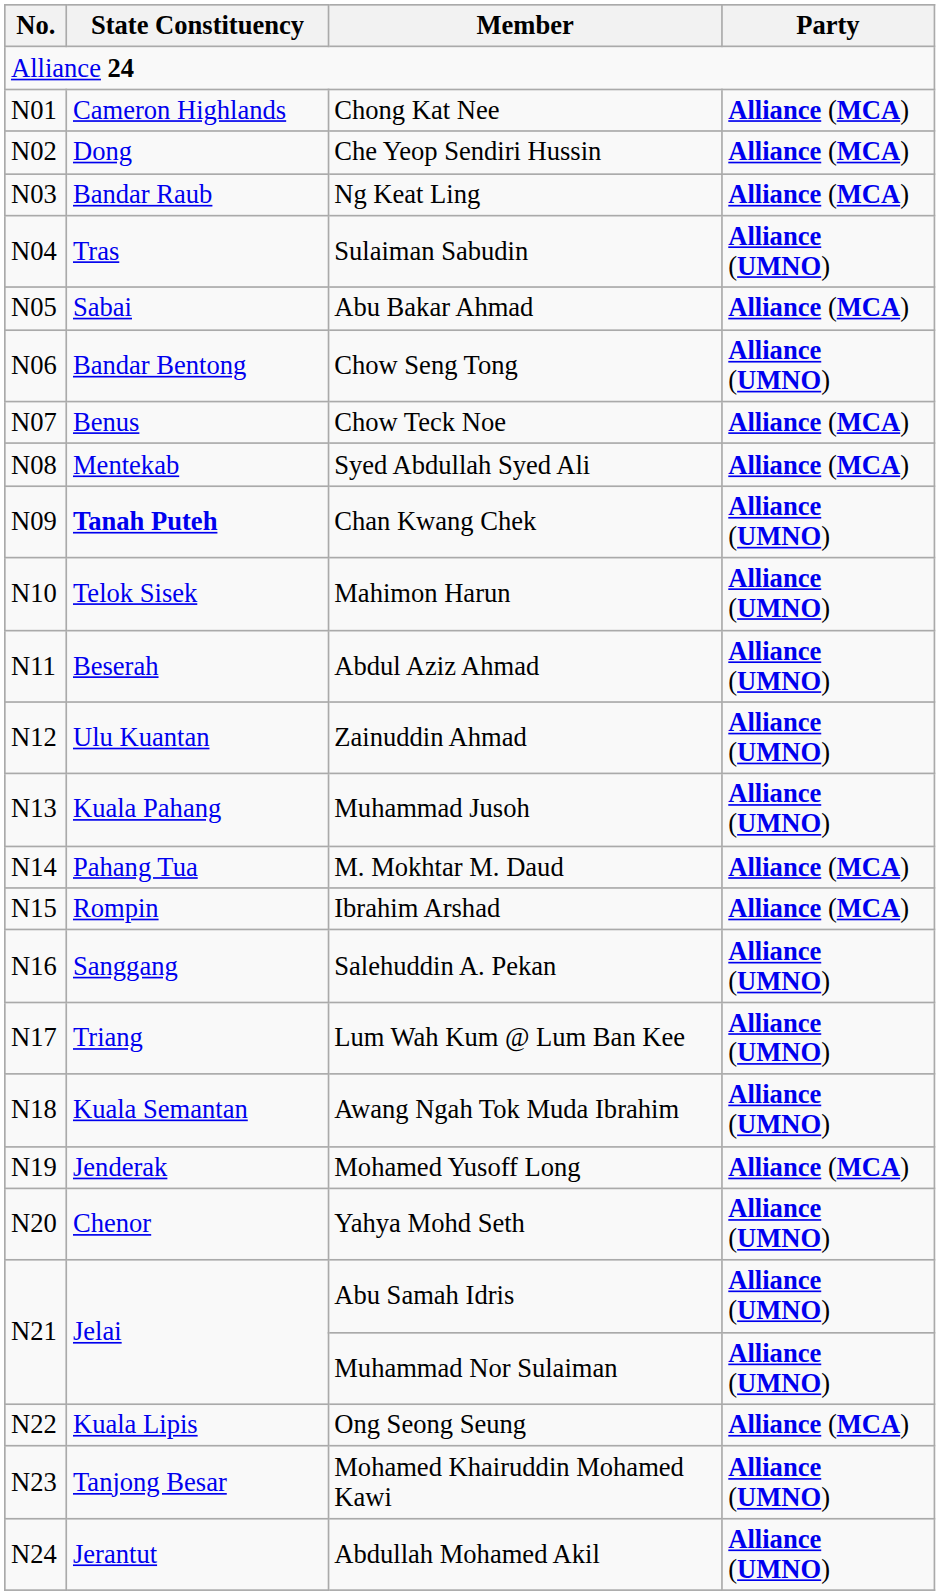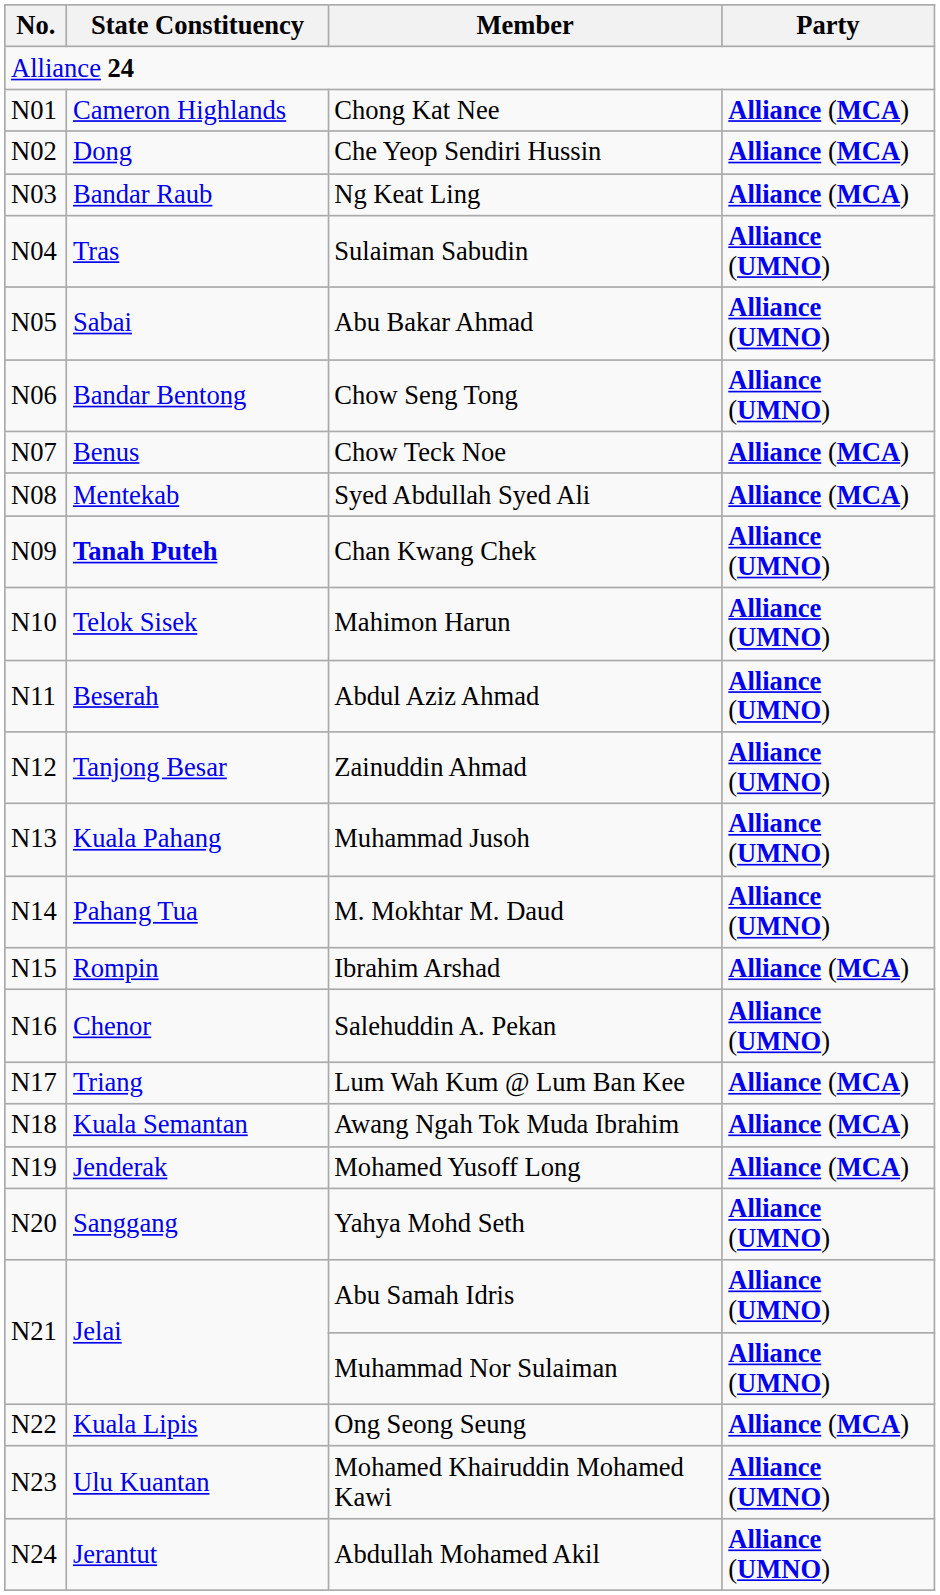 <table class="wikitable sortable">
 <tr>
 <th style="width:30px;">No.</th>
 <th style="width:150px;">State Constituency</th>
 <th style="width:230px;">Member</th>
 <th style="width:120px;">Party</th>
 </tr>
 <tr>
 <td colspan="4"><a href='#'>Alliance</a> <strong>24</strong></td>
 </tr>
 <tr>
 <td>N01</td>
 <td><a href='#'>Cameron Highlands</a></td>
 <td>Chong Kat Nee</td>
 <td><strong><a href='#'>Alliance</a></strong> (<strong><a href='#'>MCA</a></strong>)</td>
 </tr>
 <tr>
 <td>N02</td>
 <td><a href='#'>Dong</a></td>
 <td>Che Yeop Sendiri Hussin</td>
 <td><strong><a href='#'>Alliance</a></strong> (<strong><a href='#'>MCA</a></strong>)</td>
 </tr>
 <tr>
 <td>N03</td>
 <td><a href='#'>Bandar Raub</a></td>
 <td>Ng Keat Ling</td>
 <td><strong><a href='#'>Alliance</a></strong> (<strong><a href='#'>MCA</a></strong>)</td>
 </tr>
 <tr>
 <td>N04</td>
 <td><a href='#'>Tras</a></td>
 <td>Sulaiman Sabudin</td>
 <td><strong><a href='#'>Alliance</a></strong> (<strong><a href='#'>UMNO</a></strong>)</td>
 </tr>
 <tr>
 <td>N05</td>
 <td><a href='#'>Sabai</a></td>
 <td>Abu Bakar Ahmad</td>
-<td><strong><a href='#'>Alliance</a></strong> (<strong><a href='#'>MCA</a></strong>)</td>
+<td><strong><a href='#'>Alliance</a></strong> (<strong><a href='#'>UMNO</a></strong>)</td>
 </tr>
 <tr>
 <td>N06</td>
 <td><a href='#'>Bandar Bentong</a></td>
 <td>Chow Seng Tong</td>
 <td><strong><a href='#'>Alliance</a></strong> (<strong><a href='#'>UMNO</a></strong>)</td>
 </tr>
 <tr>
 <td>N07</td>
 <td><a href='#'>Benus</a></td>
 <td>Chow Teck Noe</td>
 <td><strong><a href='#'>Alliance</a></strong> (<strong><a href='#'>MCA</a></strong>)</td>
 </tr>
 <tr>
 <td>N08</td>
 <td><a href='#'>Mentekab</a></td>
 <td>Syed Abdullah Syed Ali</td>
 <td><strong><a href='#'>Alliance</a></strong> (<strong><a href='#'>MCA</a></strong>)</td>
 </tr>
 <tr>
 <td>N09</td>
 <td><strong><a href='#'>Tanah Puteh</a></strong></td>
 <td>Chan Kwang Chek</td>
 <td><strong><a href='#'>Alliance</a></strong> (<strong><a href='#'>UMNO</a></strong>)</td>
 </tr>
 <tr>
 <td>N10</td>
 <td><a href='#'>Telok Sisek</a></td>
 <td>Mahimon Harun</td>
 <td><strong><a href='#'>Alliance</a></strong> (<strong><a href='#'>UMNO</a></strong>)</td>
 </tr>
 <tr>
 <td>N11</td>
 <td><a href='#'>Beserah</a></td>
 <td>Abdul Aziz Ahmad</td>
 <td><strong><a href='#'>Alliance</a></strong> (<strong><a href='#'>UMNO</a></strong>)</td>
 </tr>
 <tr>
 <td>N12</td>
-<td><a href='#'>Ulu Kuantan</a></td>
+<td><a href='#'>Tanjong Besar</a></td>
 <td>Zainuddin Ahmad</td>
 <td><strong><a href='#'>Alliance</a></strong> (<strong><a href='#'>UMNO</a></strong>)</td>
 </tr>
 <tr>
 <td>N13</td>
 <td><a href='#'>Kuala Pahang</a></td>
 <td>Muhammad Jusoh</td>
 <td><strong><a href='#'>Alliance</a></strong> (<strong><a href='#'>UMNO</a></strong>)</td>
 </tr>
 <tr>
 <td>N14</td>
 <td><a href='#'>Pahang Tua</a></td>
 <td>M. Mokhtar M. Daud</td>
-<td><strong><a href='#'>Alliance</a></strong> (<strong><a href='#'>MCA</a></strong>)</td>
+<td><strong><a href='#'>Alliance</a></strong> (<strong><a href='#'>UMNO</a></strong>)</td>
 </tr>
 <tr>
 <td>N15</td>
 <td><a href='#'>Rompin</a></td>
 <td>Ibrahim Arshad</td>
 <td><strong><a href='#'>Alliance</a></strong> (<strong><a href='#'>MCA</a></strong>)</td>
 </tr>
 <tr>
 <td>N16</td>
-<td><a href='#'>Sanggang</a></td>
+<td><a href='#'>Chenor</a></td>
 <td>Salehuddin A. Pekan</td>
 <td><strong><a href='#'>Alliance</a></strong> (<strong><a href='#'>UMNO</a></strong>)</td>
 </tr>
 <tr>
 <td>N17</td>
 <td><a href='#'>Triang</a></td>
 <td>Lum Wah Kum @ Lum Ban Kee</td>
-<td><strong><a href='#'>Alliance</a></strong> (<strong><a href='#'>UMNO</a></strong>)</td>
+<td><strong><a href='#'>Alliance</a></strong> (<strong><a href='#'>MCA</a></strong>)</td>
 </tr>
 <tr>
 <td>N18</td>
 <td><a href='#'>Kuala Semantan</a></td>
 <td>Awang Ngah Tok Muda Ibrahim</td>
-<td><strong><a href='#'>Alliance</a></strong> (<strong><a href='#'>UMNO</a></strong>)</td>
+<td><strong><a href='#'>Alliance</a></strong> (<strong><a href='#'>MCA</a></strong>)</td>
 </tr>
 <tr>
 <td>N19</td>
 <td><a href='#'>Jenderak</a></td>
 <td>Mohamed Yusoff Long</td>
 <td><strong><a href='#'>Alliance</a></strong> (<strong><a href='#'>MCA</a></strong>)</td>
 </tr>
 <tr>
 <td>N20</td>
-<td><a href='#'>Chenor</a></td>
+<td><a href='#'>Sanggang</a></td>
 <td>Yahya Mohd Seth</td>
 <td><strong><a href='#'>Alliance</a></strong> (<strong><a href='#'>UMNO</a></strong>)</td>
 </tr>
 <tr>
 <td rowspan=2>N21</td>
 <td rowspan=2><a href='#'>Jelai</a></td>
 <td>Abu Samah Idris </td>
 <td><strong><a href='#'>Alliance</a></strong> (<strong><a href='#'>UMNO</a></strong>)</td>
 </tr>
 <tr>
 <td>Muhammad Nor Sulaiman </td>
 <td><strong><a href='#'>Alliance</a></strong> (<strong><a href='#'>UMNO</a></strong>)</td>
 </tr>
 <tr>
 <td>N22</td>
 <td><a href='#'>Kuala Lipis</a></td>
 <td>Ong Seong Seung</td>
 <td><strong><a href='#'>Alliance</a></strong> (<strong><a href='#'>MCA</a></strong>)</td>
 </tr>
 <tr>
 <td>N23</td>
-<td><a href='#'>Tanjong Besar</a></td>
+<td><a href='#'>Ulu Kuantan</a></td>
 <td>Mohamed Khairuddin Mohamed Kawi</td>
 <td><strong><a href='#'>Alliance</a></strong> (<strong><a href='#'>UMNO</a></strong>)</td>
 </tr>
 <tr>
 <td>N24</td>
 <td><a href='#'>Jerantut</a></td>
 <td>Abdullah Mohamed Akil</td>
 <td><strong><a href='#'>Alliance</a></strong> (<strong><a href='#'>UMNO</a></strong>)</td>
 </tr>
 </table>
